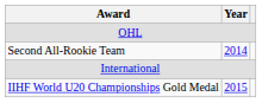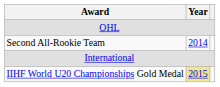 <table class="wikitable">
 <tr>
 <th>Award</th>
 <th>Year</th>
 <th></th>
 </tr>
 <tr ALIGN="center" bgcolor="#e0e0e0">
 <td colspan="3"><a href='#'>OHL</a></td>
 </tr>
 <tr>
 <td>Second All-Rookie Team</td>
 <td><a href='#'>2014</a></td>
 <td></td>
 </tr>
 <tr ALIGN="center" bgcolor="#e0e0e0">
 <td colspan="3"><a href='#'>International</a></td>
 </tr>
 <tr>
 <td><a href='#'>IIHF World U20 Championships</a> Gold Medal</td>
-<td><a href='#'>2015</a></td>
+<td style="background: khaki;"><a href='#'>2015</a></td>
 <td></td>
 </tr>
 </table>
